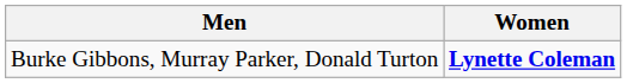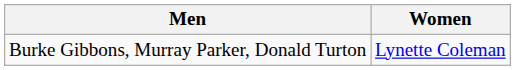 <table class="wikitable">
 <tr>
 <th>Men</th>
 <th>Women</th>
 </tr>
 <tr>
 <td>Burke Gibbons, Murray Parker, Donald Turton</td>
-<td><strong><a href='#'>Lynette Coleman</a></strong></td>
+<td><a href='#'>Lynette Coleman</a></td>
 </tr>
 </table>
